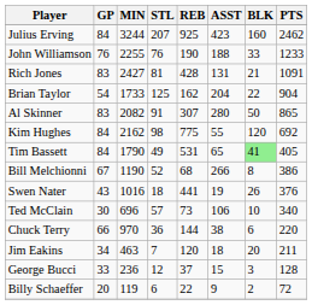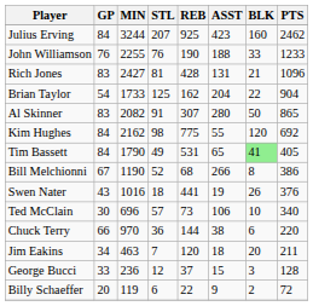 <table class="wikitable sortable">
 <tr>
 <th>Player</th>
 <th>GP</th>
 <th>MIN</th>
 <th>STL</th>
 <th>REB</th>
 <th>ASST</th>
 <th>BLK</th>
 <th>PTS</th>
 </tr>
 <tr align="center">
 </tr>
 <tr>
 <td>Julius Erving</td>
 <td>84</td>
 <td>3244</td>
 <td>207</td>
 <td>925</td>
 <td>423</td>
 <td>160</td>
 <td>2462</td>
 </tr>
 <tr>
 <td>John Williamson</td>
 <td>76</td>
 <td>2255</td>
 <td>76</td>
 <td>190</td>
 <td>188</td>
 <td>33</td>
 <td>1233</td>
 </tr>
 <tr>
 <td>Rich Jones</td>
 <td>83</td>
 <td>2427</td>
 <td>81</td>
 <td>428</td>
 <td>131</td>
 <td>21</td>
-<td>1091</td>
+<td>1096</td>
 </tr>
 <tr>
 <td>Brian Taylor</td>
 <td>54</td>
 <td>1733</td>
 <td>125</td>
 <td>162</td>
 <td>204</td>
 <td>22</td>
 <td>904</td>
 </tr>
 <tr>
 <td>Al Skinner</td>
 <td>83</td>
 <td>2082</td>
 <td>91</td>
 <td>307</td>
 <td>280</td>
 <td>50</td>
 <td>865</td>
 </tr>
 <tr>
 <td>Kim Hughes</td>
 <td>84</td>
 <td>2162</td>
 <td>98</td>
 <td>775</td>
 <td>55</td>
 <td>120</td>
 <td>692</td>
 </tr>
 <tr>
 <td>Tim Bassett</td>
 <td>84</td>
 <td>1790</td>
 <td>49</td>
 <td>531</td>
 <td>65</td>
 <td style="background: lightgreen;">41</td>
 <td>405</td>
 </tr>
 <tr>
 <td>Bill Melchionni</td>
 <td>67</td>
 <td>1190</td>
 <td>52</td>
 <td>68</td>
 <td>266</td>
 <td>8</td>
 <td>386</td>
 </tr>
 <tr>
 <td>Swen Nater</td>
 <td>43</td>
 <td>1016</td>
 <td>18</td>
 <td>441</td>
 <td>19</td>
 <td>26</td>
 <td>376</td>
 </tr>
 <tr>
 <td>Ted McClain</td>
 <td>30</td>
 <td>696</td>
 <td>57</td>
 <td>73</td>
 <td>106</td>
 <td>10</td>
 <td>340</td>
 </tr>
 <tr>
 <td>Chuck Terry</td>
 <td>66</td>
 <td>970</td>
 <td>36</td>
 <td>144</td>
 <td>38</td>
 <td>6</td>
 <td>220</td>
 </tr>
 <tr>
 <td>Jim Eakins</td>
 <td>34</td>
 <td>463</td>
 <td>7</td>
 <td>120</td>
 <td>18</td>
 <td>20</td>
 <td>211</td>
 </tr>
 <tr>
 <td>George Bucci</td>
 <td>33</td>
 <td>236</td>
 <td>12</td>
 <td>37</td>
 <td>15</td>
 <td>3</td>
 <td>128</td>
 </tr>
 <tr>
 <td>Billy Schaeffer</td>
 <td>20</td>
 <td>119</td>
 <td>6</td>
 <td>22</td>
 <td>9</td>
 <td>2</td>
 <td>72</td>
 </tr>
 <tr>
 </tr>
 </table>
